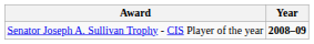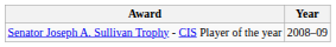 <table class="wikitable">
 <tr>
 <th>Award</th>
 <th>Year</th>
 </tr>
 <tr>
 <td><a href='#'>Senator Joseph A. Sullivan Trophy</a> - <a href='#'>CIS</a> Player of the year </td>
-<td><strong>2008–09</strong></td>
+<td>2008–09</td>
 </tr>
 </table>
